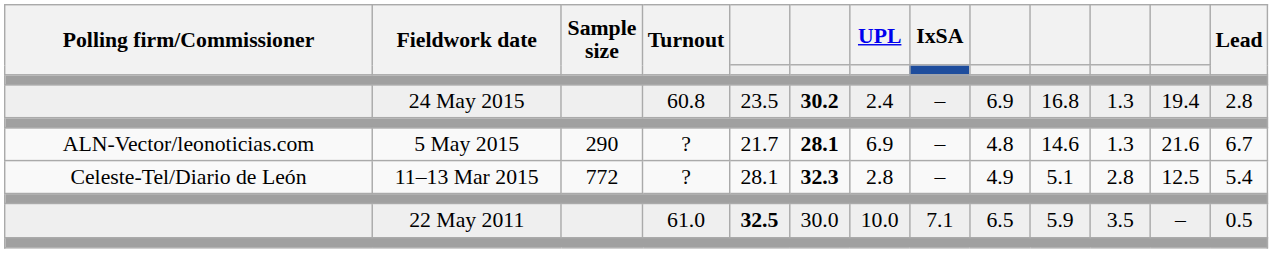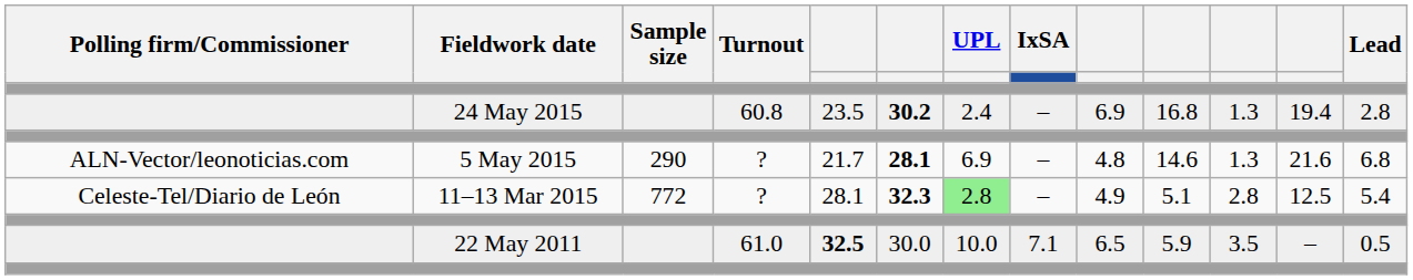 <table class="wikitable collapsible collapsed" style="text-align:center; font-size:95%; line-height:16px;">
 <tr style="height:42px;">
 <th style="width:250px;" rowspan="2">Polling firm/Commissioner</th>
 <th style="width:125px;" rowspan="2">Fieldwork date</th>
 <th style="width:50px;" rowspan="2">Sample size</th>
 <th style="width:45px;" rowspan="2">Turnout</th>
 <th style="width:35px;"></th>
 <th style="width:35px;"></th>
 <th style="width:35px;"><a href='#'>UPL</a></th>
 <th style="width:35px;">IxSA</th>
 <th style="width:35px;"></th>
 <th style="width:35px;"></th>
 <th style="width:35px;"></th>
 <th style="width:35px;"></th>
 <th style="width:30px;" rowspan="2">Lead</th>
 </tr>
 <tr>
 <th style="color:inherit;background:"></th>
 <th style="color:inherit;background:"></th>
 <th style="color:inherit;background:"></th>
 <th style="color:inherit;background:#1E4D9D;"></th>
 <th style="color:inherit;background:"></th>
 <th style="color:inherit;background:"></th>
 <th style="color:inherit;background:"></th>
 <th style="color:inherit;background:"></th>
 </tr>
 <tr>
 <td colspan="13" style="background:#A0A0A0"></td>
 </tr>
 <tr style="background:#EFEFEF;">
 <td><strong></strong></td>
 <td>24 May 2015</td>
 <td></td>
 <td>60.8</td>
 <td>23.5<br></td>
 <td><strong>30.2</strong><br></td>
 <td>2.4<br></td>
 <td>–</td>
 <td>6.9<br></td>
 <td>16.8<br></td>
 <td>1.3<br></td>
 <td>19.4<br></td>
 <td style="background:">2.8</td>
 </tr>
 <tr>
 <td colspan="13" style="background:#A0A0A0"></td>
 </tr>
 <tr>
 <td>ALN-Vector/leonoticias.com</td>
 <td>5 May 2015</td>
 <td>290</td>
 <td>?</td>
 <td>21.7<br></td>
 <td><strong>28.1</strong><br></td>
 <td>6.9<br></td>
 <td>–</td>
 <td>4.8<br></td>
 <td>14.6<br></td>
 <td>1.3<br></td>
 <td>21.6<br></td>
-<td style="background:">6.7</td>
+<td style="background:">6.8</td>
 </tr>
 <tr>
 <td>Celeste-Tel/Diario de León</td>
 <td>11–13 Mar 2015</td>
 <td>772</td>
 <td>?</td>
 <td>28.1<br></td>
 <td><strong>32.3</strong><br></td>
-<td>2.8<br></td>
+<td style="background: lightgreen;">2.8<br></td>
 <td>–</td>
 <td>4.9<br></td>
 <td>5.1<br></td>
 <td>2.8<br></td>
 <td>12.5<br></td>
 <td style="background:">5.4</td>
 </tr>
 <tr>
 <td colspan="13" style="background:#A0A0A0"></td>
 </tr>
 <tr style="background:#EFEFEF;">
 <td><strong></strong></td>
 <td>22 May 2011</td>
 <td></td>
 <td>61.0</td>
 <td><strong>32.5</strong><br></td>
 <td>30.0<br></td>
 <td>10.0<br></td>
 <td>7.1<br></td>
 <td>6.5<br></td>
 <td>5.9<br></td>
 <td>3.5<br></td>
 <td>–</td>
 <td style="background:">0.5</td>
 </tr>
 <tr>
 <td colspan="13" style="background:#A0A0A0"></td>
 </tr>
 </table>
